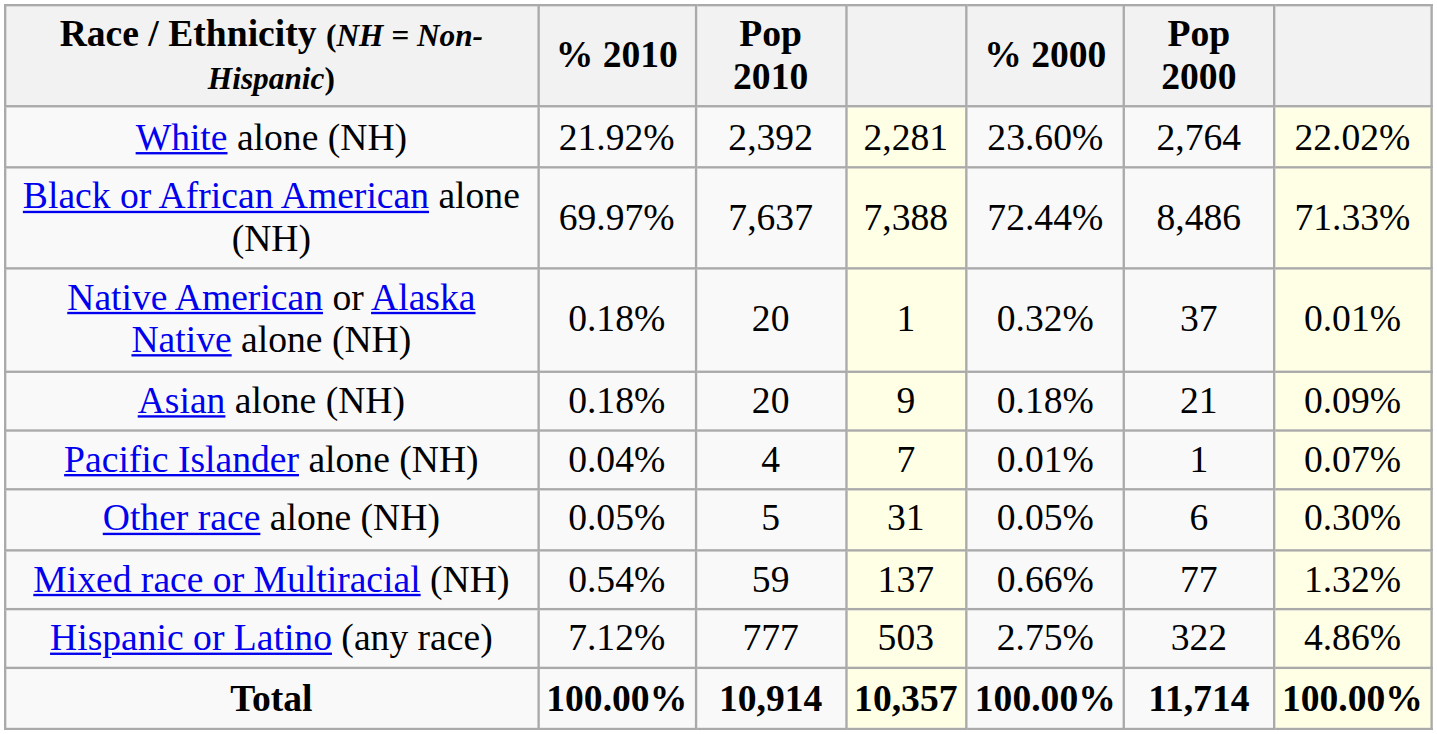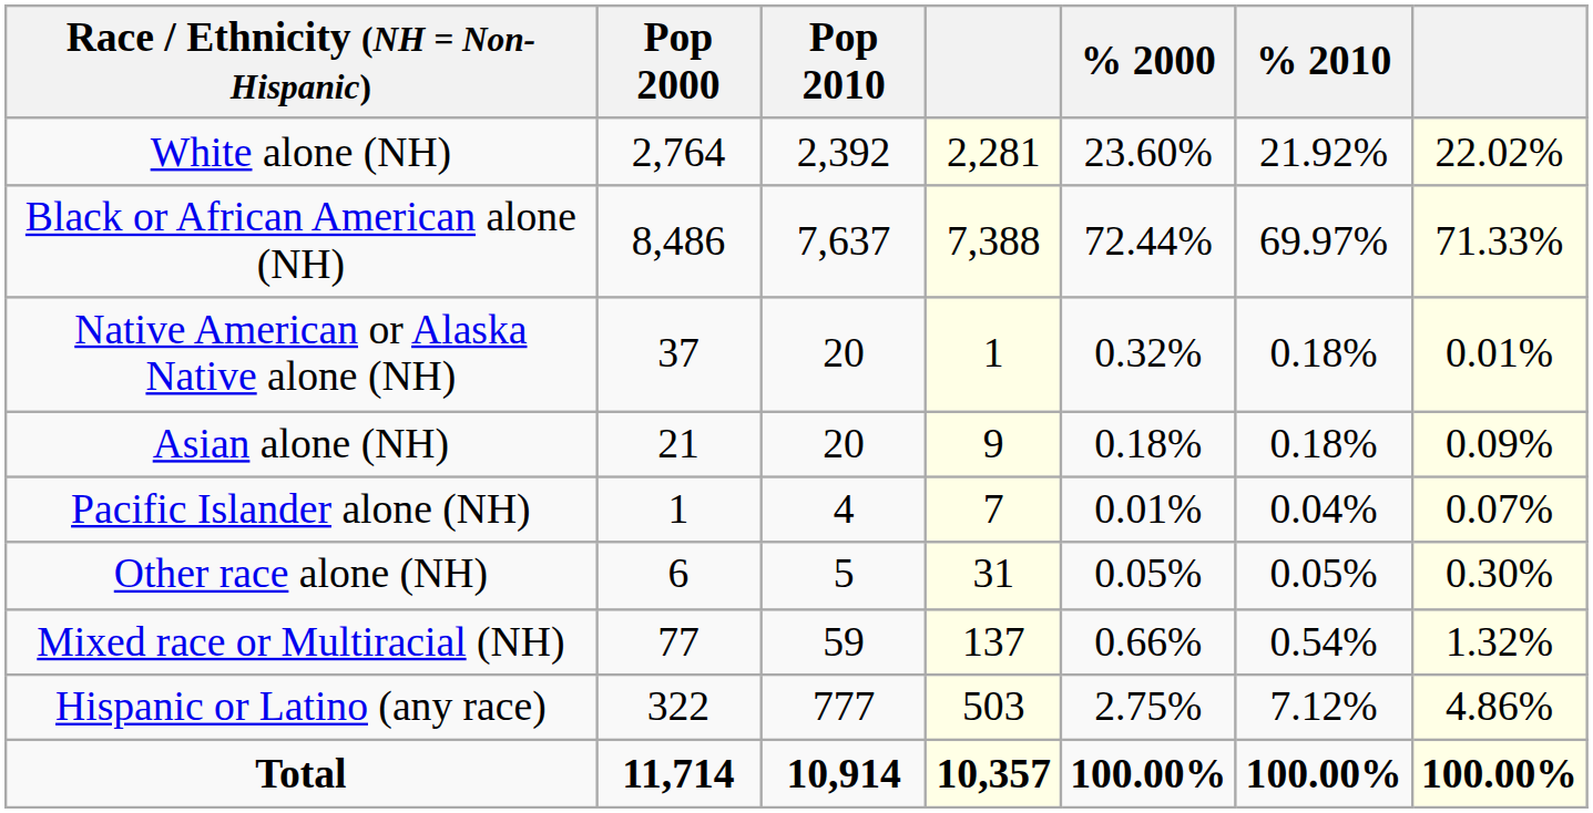 <table class="wikitable" style="text-align:center;">
 <tr>
 <th>Race / Ethnicity <small>(<em>NH = Non-Hispanic</em>)</small></th>
-<th>% 2010</th>
+<th>Pop 2000</th>
 <th>Pop 2010</th>
 <th></th>
 <th>% 2000</th>
-<th>Pop 2000</th>
+<th>% 2010</th>
 <th></th>
 </tr>
 <tr>
 <td><a href='#'>White</a> alone (NH)</td>
-<td>21.92%</td>
+<td>2,764</td>
 <td>2,392</td>
 <td style='background: #ffffe6;'>2,281</td>
 <td>23.60%</td>
-<td>2,764</td>
+<td>21.92%</td>
 <td style='background: #ffffe6;'>22.02%</td>
 </tr>
 <tr>
 <td><a href='#'>Black or African American</a> alone (NH)</td>
-<td>69.97%</td>
+<td>8,486</td>
 <td>7,637</td>
 <td style='background: #ffffe6;'>7,388</td>
 <td>72.44%</td>
-<td>8,486</td>
+<td>69.97%</td>
 <td style='background: #ffffe6;'>71.33%</td>
 </tr>
 <tr>
 <td><a href='#'>Native American</a> or <a href='#'>Alaska Native</a> alone (NH)</td>
-<td>0.18%</td>
+<td>37</td>
 <td>20</td>
 <td style='background: #ffffe6;'>1</td>
 <td>0.32%</td>
-<td>37</td>
+<td>0.18%</td>
 <td style='background: #ffffe6;'>0.01%</td>
 </tr>
 <tr>
 <td><a href='#'>Asian</a> alone (NH)</td>
-<td>0.18%</td>
+<td>21</td>
 <td>20</td>
 <td style='background: #ffffe6;'>9</td>
 <td>0.18%</td>
-<td>21</td>
+<td>0.18%</td>
 <td style='background: #ffffe6;'>0.09%</td>
 </tr>
 <tr>
 <td><a href='#'>Pacific Islander</a> alone (NH)</td>
-<td>0.04%</td>
+<td>1</td>
 <td>4</td>
 <td style='background: #ffffe6;'>7</td>
 <td>0.01%</td>
-<td>1</td>
+<td>0.04%</td>
 <td style='background: #ffffe6;'>0.07%</td>
 </tr>
 <tr>
 <td><a href='#'>Other race</a> alone (NH)</td>
-<td>0.05%</td>
+<td>6</td>
 <td>5</td>
 <td style='background: #ffffe6;'>31</td>
 <td>0.05%</td>
-<td>6</td>
+<td>0.05%</td>
 <td style='background: #ffffe6;'>0.30%</td>
 </tr>
 <tr>
 <td><a href='#'>Mixed race or Multiracial</a> (NH)</td>
-<td>0.54%</td>
+<td>77</td>
 <td>59</td>
 <td style='background: #ffffe6;'>137</td>
 <td>0.66%</td>
-<td>77</td>
+<td>0.54%</td>
 <td style='background: #ffffe6;'>1.32%</td>
 </tr>
 <tr>
 <td><a href='#'>Hispanic or Latino</a> (any race)</td>
-<td>7.12%</td>
+<td>322</td>
 <td>777</td>
 <td style='background: #ffffe6;'>503</td>
 <td>2.75%</td>
-<td>322</td>
+<td>7.12%</td>
 <td style='background: #ffffe6;'>4.86%</td>
 </tr>
 <tr>
 <td><strong>Total</strong></td>
-<td><strong>100.00%</strong></td>
+<td><strong>11,714</strong></td>
 <td><strong>10,914</strong></td>
 <td style='background: #ffffe6;'><strong>10,357</strong></td>
 <td><strong>100.00%</strong></td>
-<td><strong>11,714</strong></td>
+<td><strong>100.00%</strong></td>
 <td style='background: #ffffe6;'><strong>100.00%</strong></td>
 </tr>
 </table>
